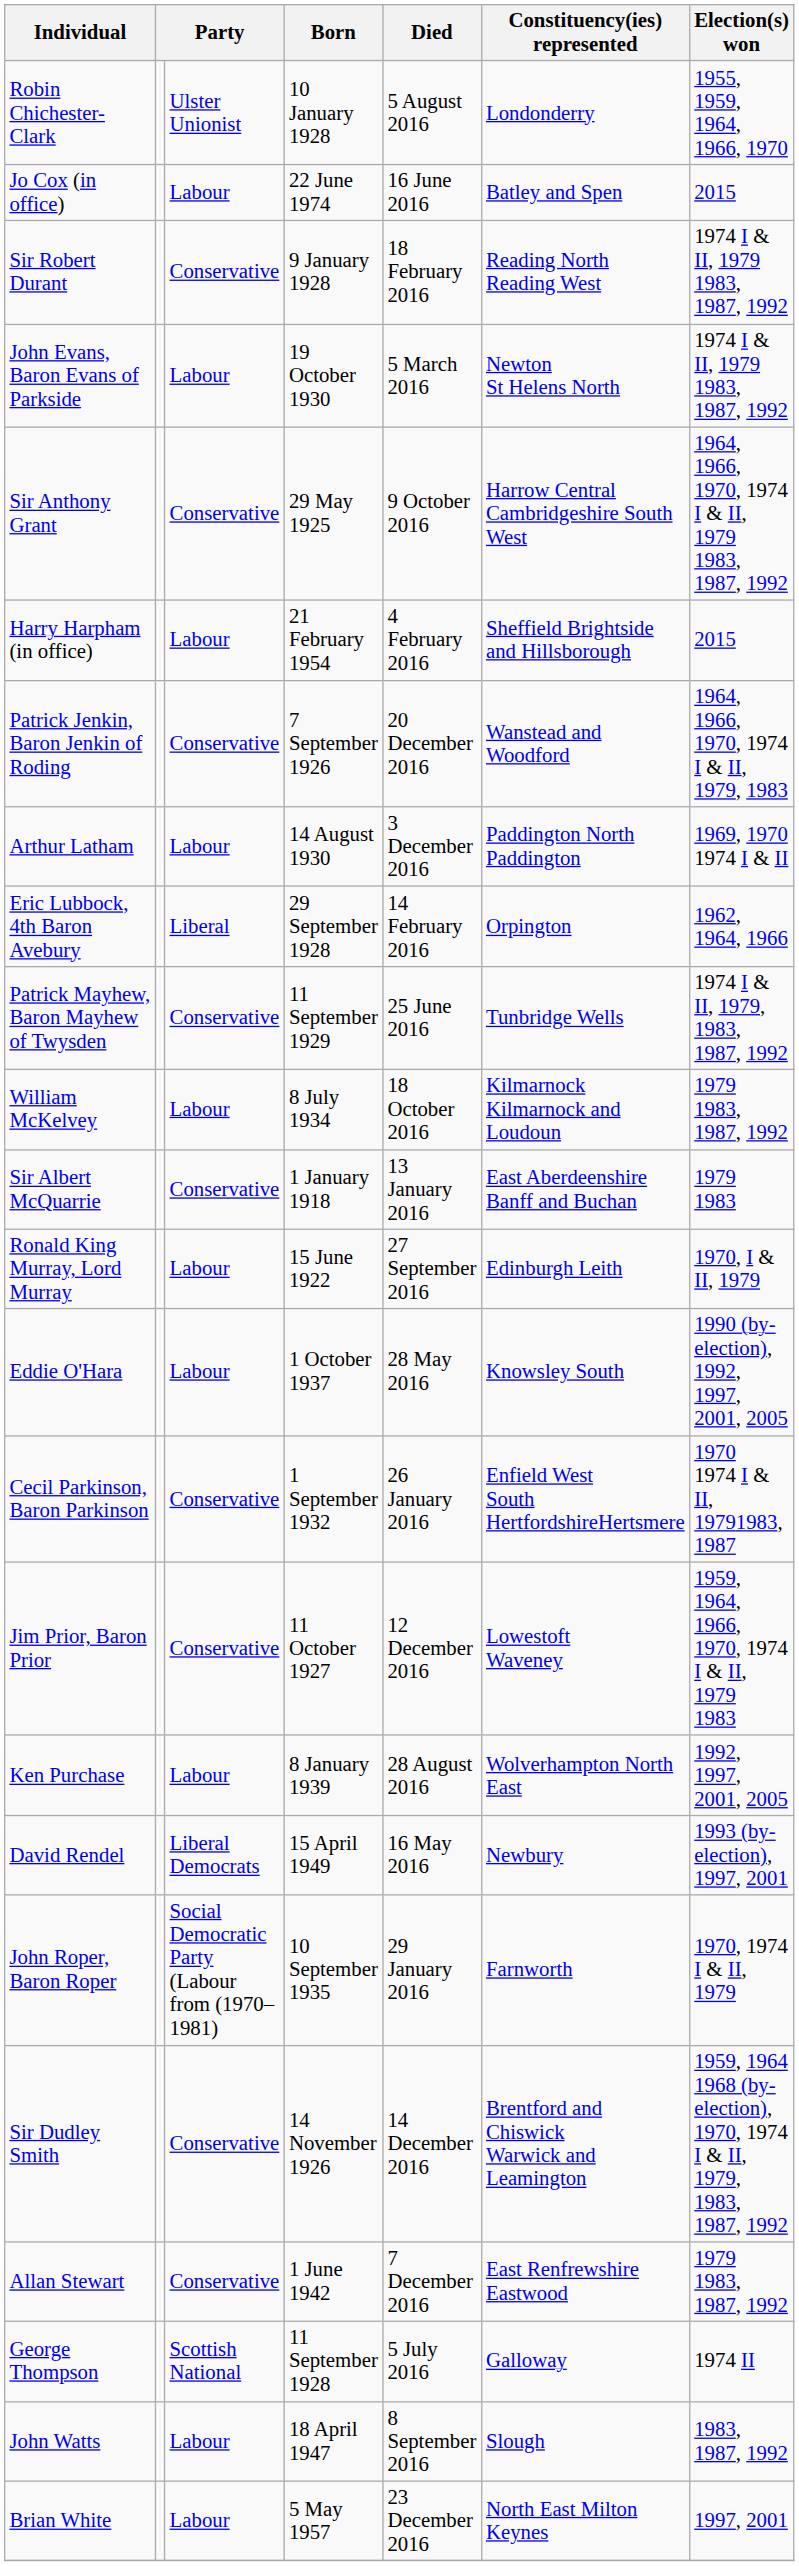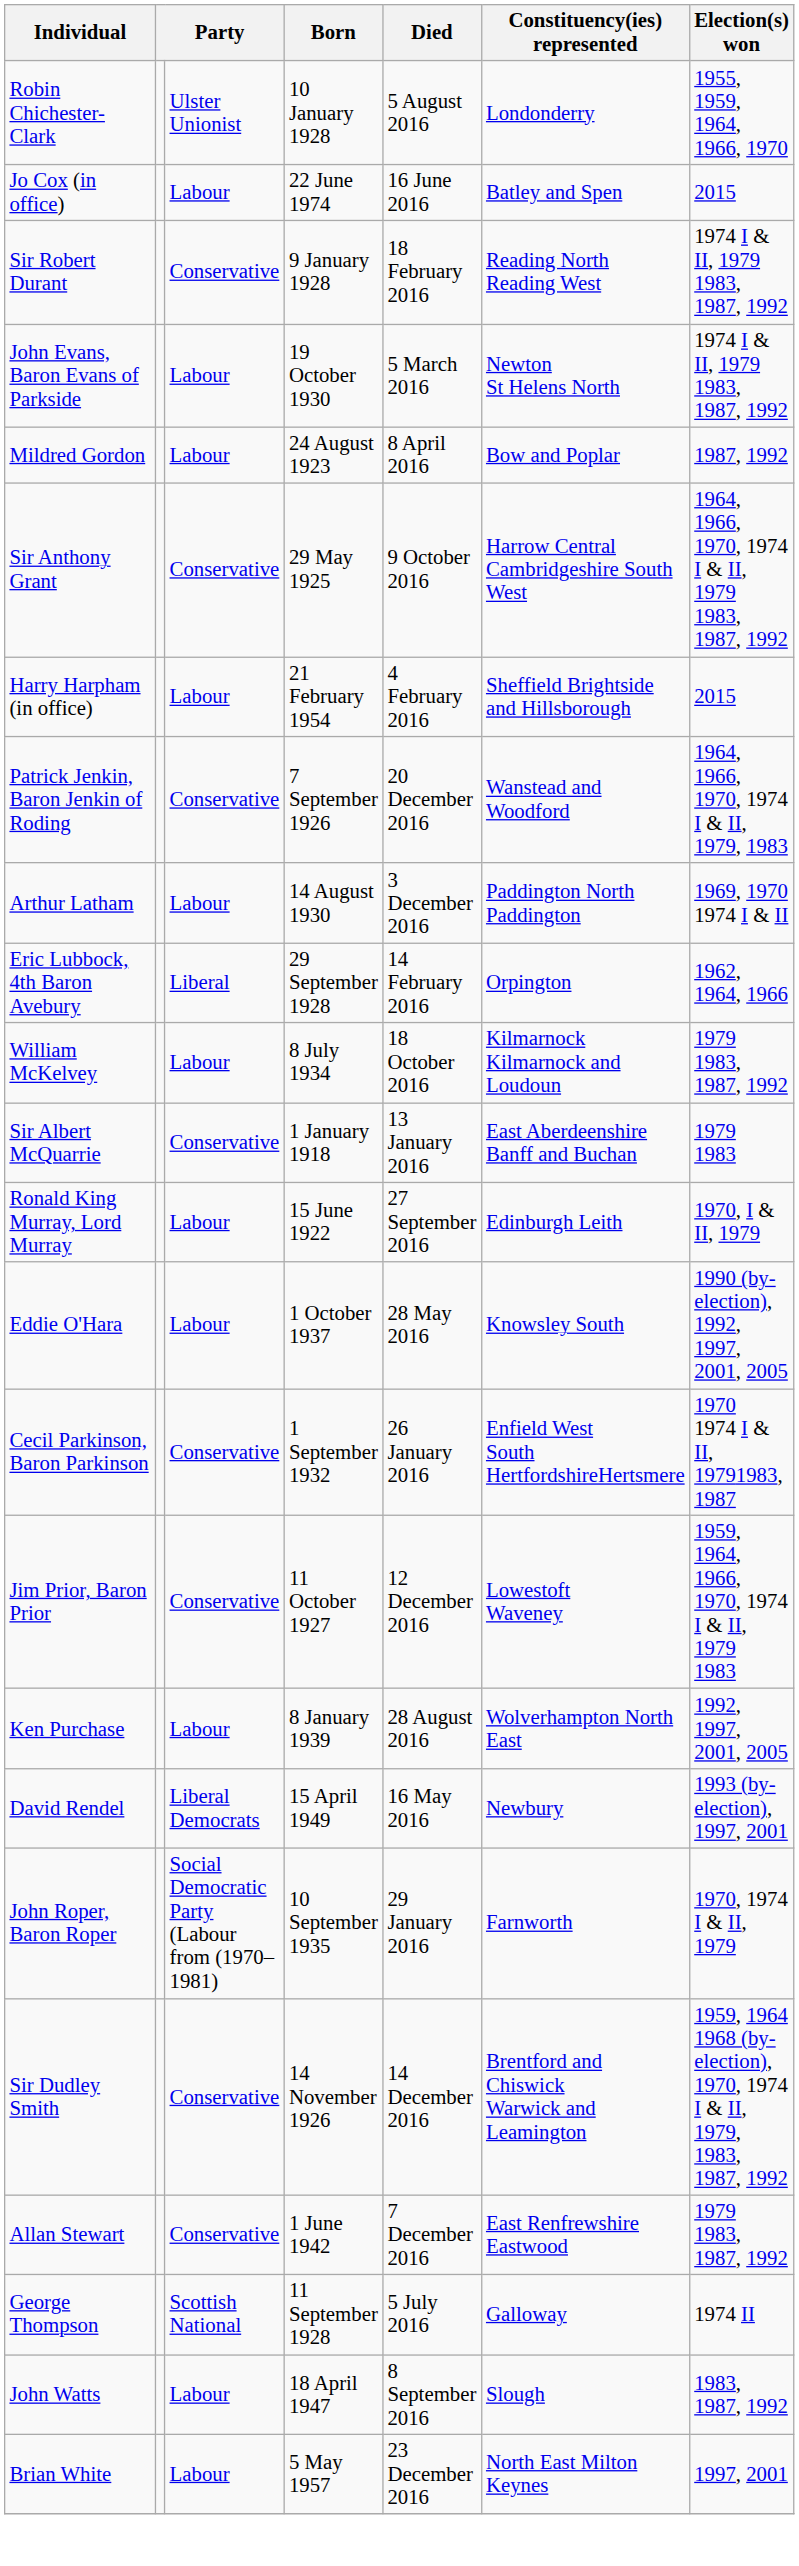 <table class="wikitable sortable">
 <tr>
 <th width="260px">Individual</th>
 <th colspan="2">Party</th>
 <th>Born</th>
 <th>Died</th>
 <th>Constituency(ies) represented</th>
 <th>Election(s) won</th>
 </tr>
 <tr>
 <td><a href='#'>Robin Chichester-Clark</a></td>
 <td style="background-color: "></td>
 <td><a href='#'>Ulster Unionist</a></td>
 <td>10 January 1928</td>
 <td>5 August 2016</td>
 <td><a href='#'>Londonderry</a></td>
 <td><a href='#'>1955</a>, <a href='#'>1959</a>, <a href='#'>1964</a>, <a href='#'>1966</a>, <a href='#'>1970</a></td>
 </tr>
 <tr>
 <td><a href='#'>Jo Cox</a> (<a href='#'>in office</a>)</td>
 <td style="background-color: "></td>
 <td><a href='#'>Labour</a></td>
 <td>22 June 1974</td>
 <td>16 June 2016</td>
 <td><a href='#'>Batley and Spen</a></td>
 <td><a href='#'>2015</a></td>
 </tr>
 <tr>
 <td><a href='#'>Sir Robert Durant</a></td>
 <td style="background-color: "></td>
 <td><a href='#'>Conservative</a></td>
 <td>9 January 1928</td>
 <td>18 February 2016</td>
 <td><a href='#'>Reading North</a><br><a href='#'>Reading West</a></td>
 <td>1974 <a href='#'>I</a> & <a href='#'>II</a>, <a href='#'>1979</a><br><a href='#'>1983</a>, <a href='#'>1987</a>, <a href='#'>1992</a></td>
 </tr>
 <tr>
 <td><a href='#'>John Evans, Baron Evans of Parkside</a></td>
 <td style="background-color: "></td>
 <td><a href='#'>Labour</a></td>
 <td>19 October 1930</td>
 <td>5 March 2016</td>
 <td><a href='#'>Newton</a><br><a href='#'>St Helens North</a></td>
 <td>1974 <a href='#'>I</a> & <a href='#'>II</a>, <a href='#'>1979</a><br><a href='#'>1983</a>, <a href='#'>1987</a>, <a href='#'>1992</a></td>
 </tr>
 <tr>
+<td><a href='#'>Mildred Gordon</a></td>
+<td style="background-color: "></td>
+<td><a href='#'>Labour</a></td>
+<td>24 August 1923</td>
+<td>8 April 2016</td>
+<td><a href='#'>Bow and Poplar</a></td>
+<td><a href='#'>1987</a>, <a href='#'>1992</a></td>
+</tr>
+<tr>
 <td><a href='#'>Sir Anthony Grant</a></td>
 <td style="background-color: "></td>
 <td><a href='#'>Conservative</a></td>
 <td>29 May 1925</td>
 <td>9 October 2016</td>
 <td><a href='#'>Harrow Central</a><br><a href='#'>Cambridgeshire South West</a></td>
 <td><a href='#'>1964</a>, <a href='#'>1966</a>, <a href='#'>1970</a>, 1974 <a href='#'>I</a> & <a href='#'>II</a>, <a href='#'>1979</a><br><a href='#'>1983</a>, <a href='#'>1987</a>, <a href='#'>1992</a></td>
 </tr>
 <tr>
 <td><a href='#'>Harry Harpham</a> (in office)</td>
 <td style="background-color: "></td>
 <td><a href='#'>Labour</a></td>
 <td>21 February 1954</td>
 <td>4 February 2016</td>
 <td><a href='#'>Sheffield Brightside and Hillsborough</a></td>
 <td><a href='#'>2015</a></td>
 </tr>
 <tr>
 <td><a href='#'>Patrick Jenkin, Baron Jenkin of Roding</a></td>
 <td style="background-color: "></td>
 <td><a href='#'>Conservative</a></td>
 <td>7 September 1926</td>
 <td>20 December 2016</td>
 <td><a href='#'>Wanstead and Woodford</a></td>
 <td><a href='#'>1964</a>, <a href='#'>1966</a>, <a href='#'>1970</a>, 1974 <a href='#'>I</a> & <a href='#'>II</a>, <a href='#'>1979</a>, <a href='#'>1983</a></td>
 </tr>
 <tr>
 <td><a href='#'>Arthur Latham</a></td>
 <td style="background-color: "></td>
 <td><a href='#'>Labour</a></td>
 <td>14 August 1930</td>
 <td>3 December 2016</td>
 <td><a href='#'>Paddington North</a><br><a href='#'>Paddington</a></td>
 <td><a href='#'>1969</a>, <a href='#'>1970</a><br>1974 <a href='#'>I</a> & <a href='#'>II</a></td>
 </tr>
 <tr>
 <td><a href='#'>Eric Lubbock, 4th Baron Avebury</a></td>
 <td style="background-color: "></td>
 <td><a href='#'>Liberal</a></td>
 <td>29 September 1928</td>
 <td>14 February 2016</td>
 <td><a href='#'>Orpington</a></td>
 <td><a href='#'>1962</a>, <a href='#'>1964</a>, <a href='#'>1966</a></td>
-</tr>
-<tr>
-<td><a href='#'>Patrick Mayhew, Baron Mayhew of Twysden</a></td>
-<td style="background-color: "></td>
-<td><a href='#'>Conservative</a></td>
-<td>11 September 1929</td>
-<td>25 June 2016</td>
-<td><a href='#'>Tunbridge Wells</a></td>
-<td>1974 <a href='#'>I</a> & <a href='#'>II</a>, <a href='#'>1979</a>, <a href='#'>1983</a>, <a href='#'>1987</a>, <a href='#'>1992</a></td>
 </tr>
 <tr>
 <td><a href='#'>William McKelvey</a></td>
 <td style="background-color: "></td>
 <td><a href='#'>Labour</a></td>
 <td>8 July 1934</td>
 <td>18 October 2016</td>
 <td><a href='#'>Kilmarnock</a><br><a href='#'>Kilmarnock and Loudoun</a></td>
 <td><a href='#'>1979</a><br><a href='#'>1983</a>, <a href='#'>1987</a>, <a href='#'>1992</a></td>
 </tr>
 <tr>
 <td><a href='#'>Sir Albert McQuarrie</a></td>
 <td style="background-color: "></td>
 <td><a href='#'>Conservative</a></td>
 <td>1 January 1918</td>
 <td>13 January 2016</td>
 <td><a href='#'>East Aberdeenshire</a><br><a href='#'>Banff and Buchan</a></td>
 <td><a href='#'>1979</a><br><a href='#'>1983</a></td>
 </tr>
 <tr>
 <td><a href='#'>Ronald King Murray, Lord Murray</a></td>
 <td style="background-color: "></td>
 <td><a href='#'>Labour</a></td>
 <td>15 June 1922</td>
 <td>27 September 2016</td>
 <td><a href='#'>Edinburgh Leith</a></td>
 <td><a href='#'>1970</a>, <a href='#'>I</a> & <a href='#'>II</a>, <a href='#'>1979</a></td>
 </tr>
 <tr>
 <td><a href='#'>Eddie O'Hara</a></td>
 <td style="background-color: "></td>
 <td><a href='#'>Labour</a></td>
 <td>1 October 1937</td>
 <td>28 May 2016</td>
 <td><a href='#'>Knowsley South</a></td>
 <td><a href='#'>1990 (by-election)</a>, <a href='#'>1992</a>, <a href='#'>1997</a>, <a href='#'>2001</a>, <a href='#'>2005</a></td>
 </tr>
 <tr>
 <td><a href='#'>Cecil Parkinson, Baron Parkinson</a></td>
 <td style="background-color: "></td>
 <td><a href='#'>Conservative</a></td>
 <td>1 September 1932</td>
 <td>26 January 2016</td>
 <td><a href='#'>Enfield West</a><br><a href='#'>South Hertfordshire</a><a href='#'>Hertsmere</a></td>
 <td><a href='#'>1970</a><br>1974 <a href='#'>I</a> & <a href='#'>II</a>, <a href='#'>1979</a><a href='#'>1983</a>, <a href='#'>1987</a></td>
 </tr>
 <tr>
 <td><a href='#'>Jim Prior, Baron Prior</a></td>
 <td style="background-color: "></td>
 <td><a href='#'>Conservative</a></td>
 <td>11 October 1927</td>
 <td>12 December 2016</td>
 <td><a href='#'>Lowestoft</a><br><a href='#'>Waveney</a></td>
 <td><a href='#'>1959</a>, <a href='#'>1964</a>, <a href='#'>1966</a>, <a href='#'>1970</a>, 1974 <a href='#'>I</a> & <a href='#'>II</a>, <a href='#'>1979</a><br><a href='#'>1983</a></td>
 </tr>
 <tr>
 <td><a href='#'>Ken Purchase</a></td>
 <td style="background-color: "></td>
 <td><a href='#'>Labour</a></td>
 <td>8 January 1939</td>
 <td>28 August 2016</td>
 <td><a href='#'>Wolverhampton North East</a></td>
 <td><a href='#'>1992</a>, <a href='#'>1997</a>, <a href='#'>2001</a>, <a href='#'>2005</a></td>
 </tr>
 <tr>
 <td><a href='#'>David Rendel</a></td>
 <td style="background-color: "></td>
 <td><a href='#'>Liberal Democrats</a></td>
 <td>15 April 1949</td>
 <td>16 May 2016</td>
 <td><a href='#'>Newbury</a></td>
 <td><a href='#'>1993 (by-election)</a>, <a href='#'>1997</a>, <a href='#'>2001</a></td>
 </tr>
 <tr>
 <td><a href='#'>John Roper, Baron Roper</a></td>
 <td style="background-color: "></td>
 <td><a href='#'>Social Democratic Party</a> (Labour from (1970–1981)</td>
 <td>10 September 1935</td>
 <td>29 January 2016</td>
 <td><a href='#'>Farnworth</a></td>
 <td><a href='#'>1970</a>, 1974 <a href='#'>I</a> & <a href='#'>II</a>, <a href='#'>1979</a></td>
 </tr>
 <tr>
 <td><a href='#'>Sir Dudley Smith</a></td>
 <td style="background-color: "></td>
 <td><a href='#'>Conservative</a></td>
 <td>14 November 1926</td>
 <td>14 December 2016</td>
 <td><a href='#'>Brentford and Chiswick</a><br><a href='#'>Warwick and Leamington</a></td>
 <td><a href='#'>1959</a>, <a href='#'>1964</a><br><a href='#'>1968 (by-election)</a>, <a href='#'>1970</a>, 1974 <a href='#'>I</a> & <a href='#'>II</a>, <a href='#'>1979</a>, <a href='#'>1983</a>, <a href='#'>1987</a>, <a href='#'>1992</a></td>
 </tr>
 <tr>
 <td><a href='#'>Allan Stewart</a></td>
 <td style="background-color: "></td>
 <td><a href='#'>Conservative</a></td>
 <td>1 June 1942</td>
 <td>7 December 2016</td>
 <td><a href='#'>East Renfrewshire</a><br><a href='#'>Eastwood</a></td>
 <td><a href='#'>1979</a><br><a href='#'>1983</a>, <a href='#'>1987</a>, <a href='#'>1992</a></td>
 </tr>
 <tr>
 <td><a href='#'>George Thompson</a></td>
 <td style="background-color: "></td>
 <td><a href='#'>Scottish National</a></td>
 <td>11 September 1928</td>
 <td>5 July 2016</td>
 <td><a href='#'>Galloway</a></td>
 <td>1974 <a href='#'>II</a></td>
 </tr>
 <tr>
 <td><a href='#'>John Watts</a></td>
 <td style="background-color: "></td>
 <td><a href='#'>Labour</a></td>
 <td>18 April 1947</td>
 <td>8 September 2016</td>
 <td><a href='#'>Slough</a></td>
 <td><a href='#'>1983</a>, <a href='#'>1987</a>, <a href='#'>1992</a></td>
 </tr>
 <tr>
 <td><a href='#'>Brian White</a></td>
 <td style="background-color: "></td>
 <td><a href='#'>Labour</a></td>
 <td>5 May 1957</td>
 <td>23 December 2016</td>
 <td><a href='#'>North East Milton Keynes</a></td>
 <td><a href='#'>1997</a>, <a href='#'>2001</a></td>
 </tr>
 <tr>
 </tr>
 </table>
